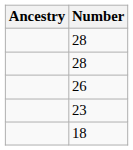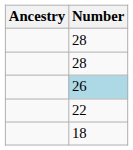 <table style="float: right; margin:1em;" class="wikitable">
 <tr>
 <th>Ancestry</th>
 <th>Number</th>
 </tr>
 <tr>
 <td></td>
 <td>28</td>
 </tr>
 <tr>
 <td></td>
 <td>28</td>
 </tr>
 <tr>
 <td></td>
-<td>26</td>
+<td style="background: lightblue;">26</td>
 </tr>
 <tr>
 <td></td>
-<td>23</td>
+<td>22</td>
 </tr>
 <tr>
 <td></td>
 <td>18</td>
 </tr>
 </table>
